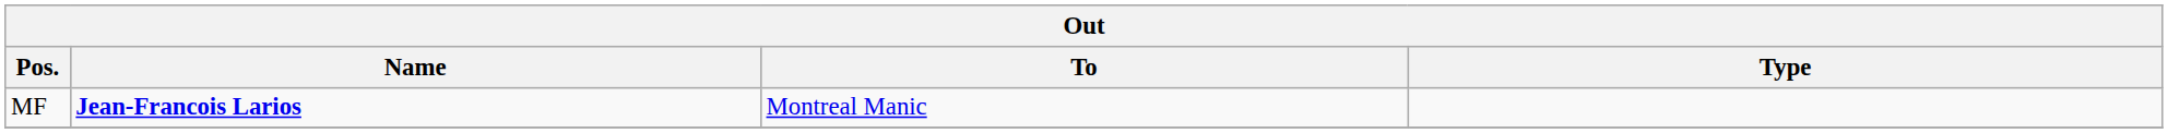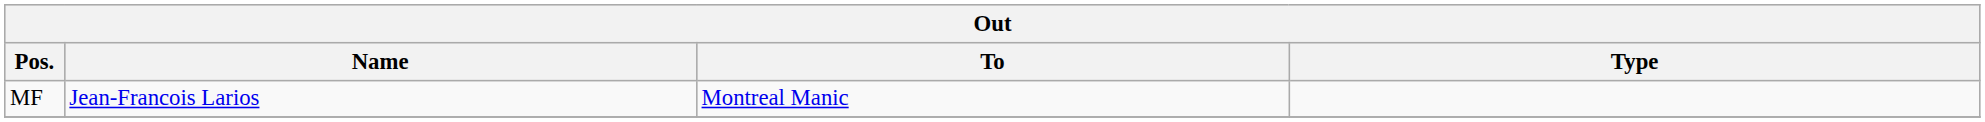 <table class="wikitable" style="font-size:90%;width:99%;">
 <tr>
 <th colspan="4">Out</th>
 </tr>
 <tr>
 <th width=3%>Pos.</th>
 <th width=32%>Name</th>
 <th width=30%>To</th>
 <th width=35%>Type</th>
 </tr>
 <tr>
 <td>MF</td>
-<td><strong><a href='#'>Jean-Francois Larios</a></strong></td>
+<td><a href='#'>Jean-Francois Larios</a></td>
 <td><a href='#'>Montreal Manic</a></td>
 <td></td>
 </tr>
 <tr>
 </tr>
 </table>
